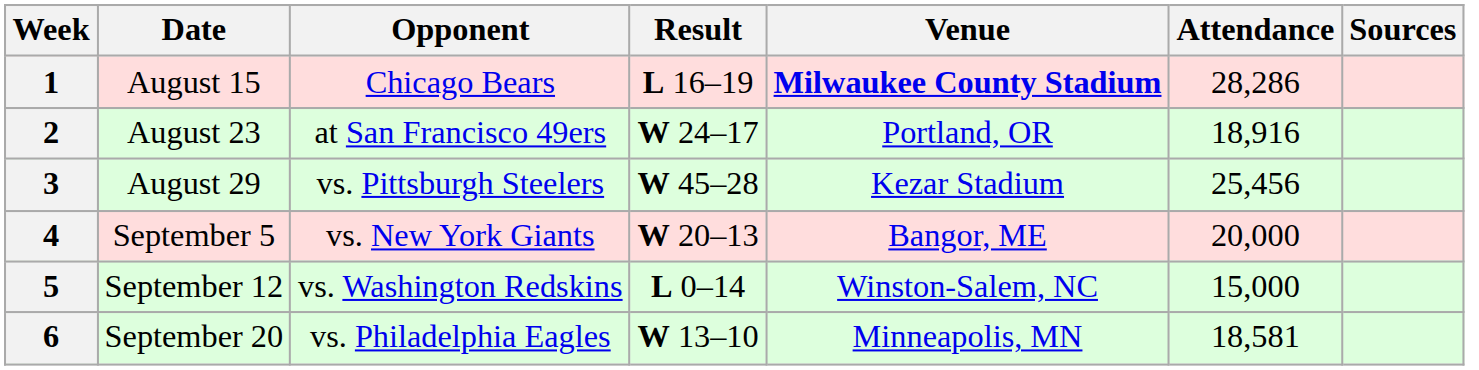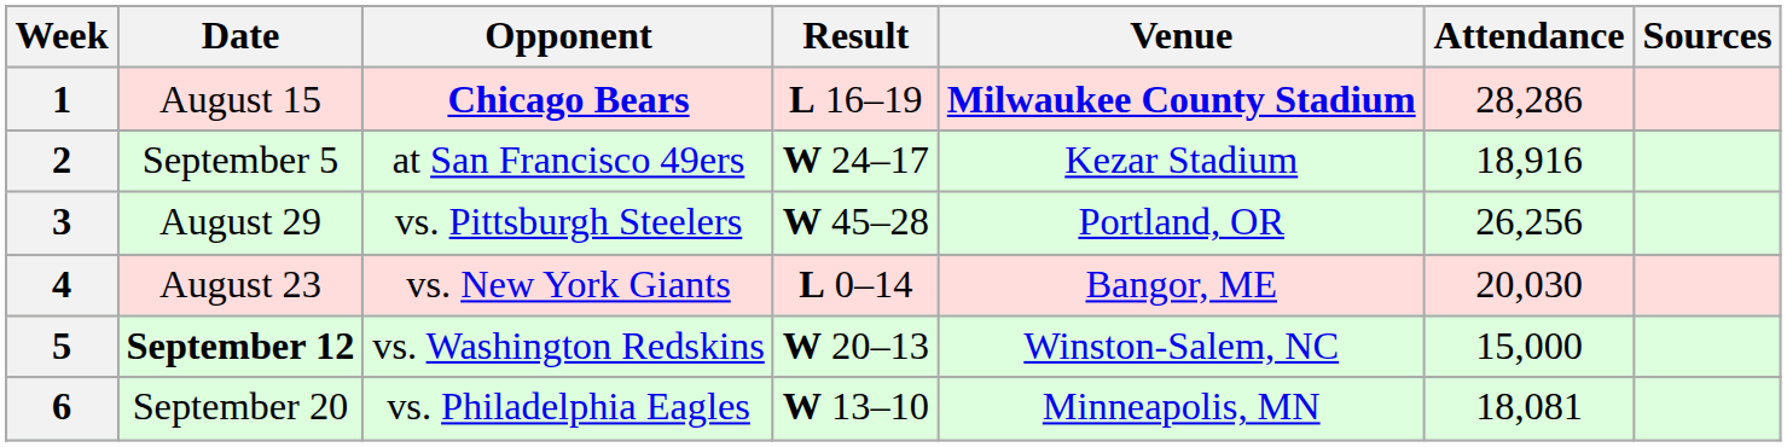 <table class="wikitable" style="text-align:center">
 <tr>
 <th>Week</th>
 <th>Date</th>
 <th>Opponent</th>
 <th>Result</th>
 <th>Venue</th>
 <th>Attendance</th>
 <th>Sources</th>
 </tr>
 <tr style="background: #ffdddd;">
 <th>1</th>
 <td>August 15</td>
-<td><a href='#'>Chicago Bears</a></td>
+<td><strong><a href='#'>Chicago Bears</a></strong></td>
 <td><strong>L</strong> 16–19</td>
 <td><strong><a href='#'>Milwaukee County Stadium</a></strong></td>
 <td>28,286</td>
 <td></td>
 </tr>
 <tr style="background: #ddffdd;">
 <th>2</th>
-<td>August 23</td>
+<td>September 5</td>
 <td>at <a href='#'>San Francisco 49ers</a></td>
 <td><strong>W</strong> 24–17</td>
-<td><a href='#'>Portland, OR</a></td>
+<td><a href='#'>Kezar Stadium</a></td>
 <td>18,916</td>
 <td></td>
 </tr>
 <tr style="background: #ddffdd;">
 <th>3</th>
 <td>August 29</td>
 <td>vs. <a href='#'>Pittsburgh Steelers</a></td>
 <td><strong>W</strong> 45–28</td>
-<td><a href='#'>Kezar Stadium</a></td>
-<td>25,456</td>
+<td><a href='#'>Portland, OR</a></td>
+<td>26,256</td>
 <td></td>
 </tr>
 <tr style="background: #ffdddd;">
 <th>4</th>
-<td>September 5</td>
+<td>August 23</td>
 <td>vs. <a href='#'>New York Giants</a></td>
-<td><strong>W</strong> 20–13</td>
+<td><strong>L</strong> 0–14</td>
 <td><a href='#'>Bangor, ME</a></td>
-<td>20,000</td>
+<td>20,030</td>
 <td></td>
 </tr>
 <tr style="background: #ddffdd;">
 <th>5</th>
-<td>September 12</td>
+<td><strong>September 12</strong></td>
 <td>vs. <a href='#'>Washington Redskins</a></td>
-<td><strong>L</strong> 0–14</td>
+<td><strong>W</strong> 20–13</td>
 <td><a href='#'>Winston-Salem, NC</a></td>
 <td>15,000</td>
 <td></td>
 </tr>
 <tr style="background: #ddffdd;">
 <th>6</th>
 <td>September 20</td>
 <td>vs. <a href='#'>Philadelphia Eagles</a></td>
 <td><strong>W</strong> 13–10</td>
 <td><a href='#'>Minneapolis, MN</a></td>
-<td>18,581</td>
+<td>18,081</td>
 <td></td>
 </tr>
 </table>
